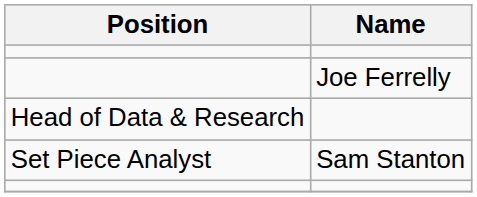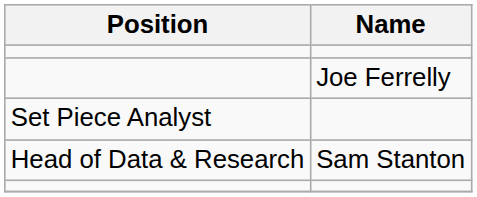 <table class="wikitable">
 <tr>
 <th>Position</th>
 <th>Name</th>
 </tr>
 <tr>
 <td></td>
 <td></td>
 </tr>
 <tr>
 <td></td>
 <td>Joe Ferrelly</td>
 </tr>
 <tr>
-<td>Head of Data & Research</td>
+<td>Set Piece Analyst</td>
 <td></td>
 </tr>
 <tr>
-<td>Set Piece Analyst</td>
+<td>Head of Data & Research</td>
 <td>Sam Stanton</td>
 </tr>
 <tr>
 <td></td>
 <td></td>
 </tr>
 <tr>
 </tr>
 </table>
